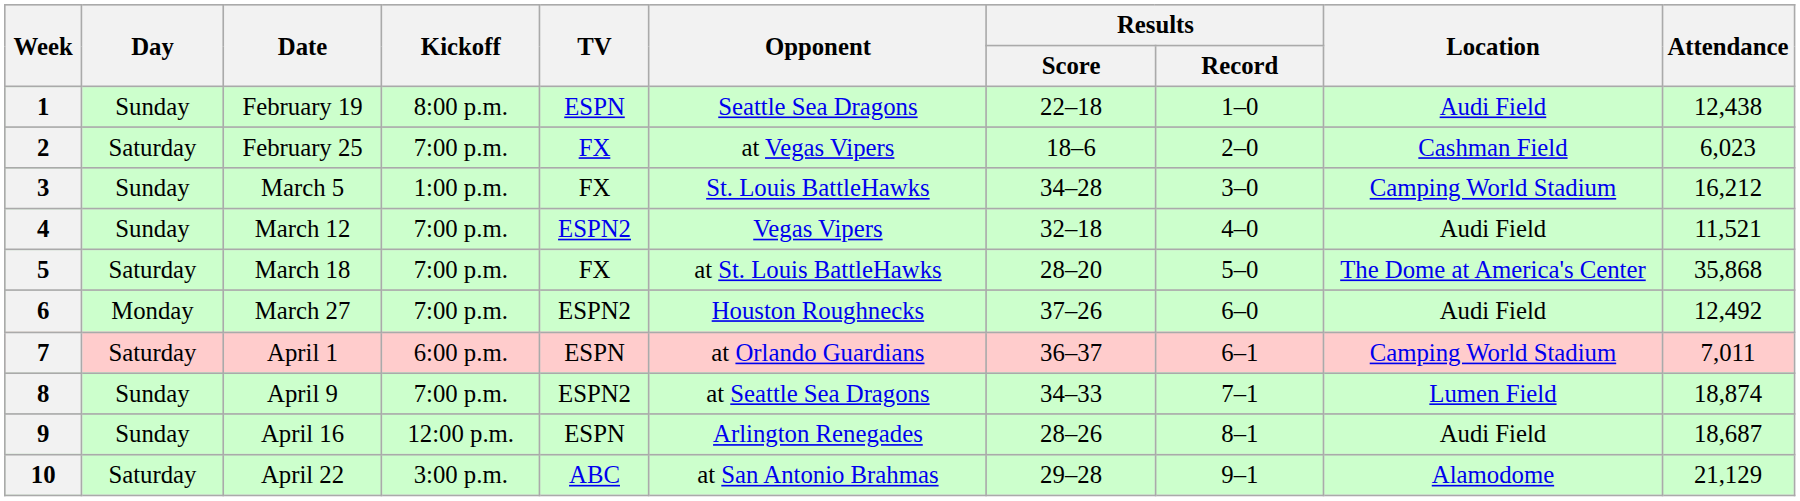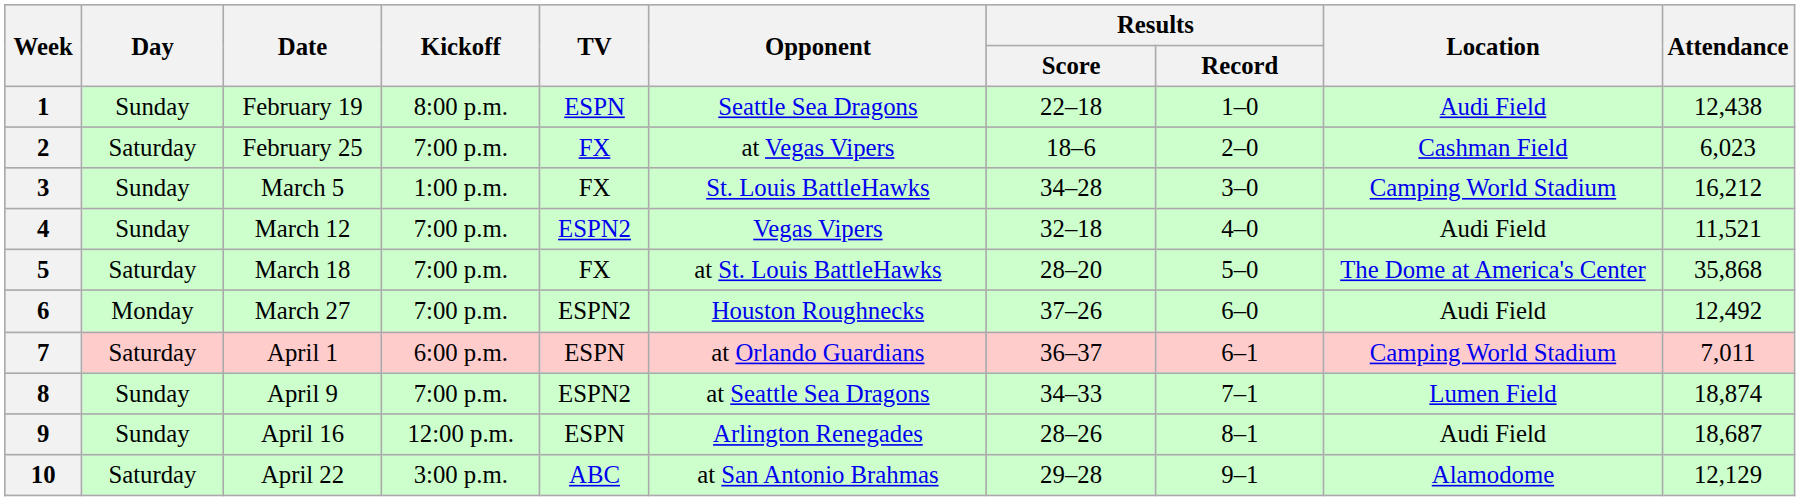 <table class="wikitable" style="text-align:center; font-size: 95%;">
 <tr>
 <th rowspan="2" width="40">Week</th>
 <th rowspan="2" width="80">Day</th>
 <th rowspan="2" width="90">Date</th>
 <th rowspan="2" width="90">Kickoff</th>
 <th rowspan="2" width="60">TV</th>
 <th rowspan="2" width="200">Opponent</th>
 <th colspan="2" width="200">Results</th>
 <th rowspan="2" width="200">Location</th>
 <th rowspan="2">Attendance</th>
 </tr>
 <tr>
 <th width="60">Score</th>
 <th width="60">Record</th>
 </tr>
 <tr bgcolor=#ccffcc>
 <th>1</th>
 <td>Sunday</td>
 <td>February 19</td>
 <td>8:00 p.m.</td>
 <td><a href='#'>ESPN</a></td>
 <td><a href='#'>Seattle Sea Dragons</a></td>
 <td>22–18</td>
 <td>1–0</td>
 <td><a href='#'>Audi Field</a></td>
 <td>12,438</td>
 </tr>
 <tr bgcolor=#ccffcc>
 <th>2</th>
 <td>Saturday</td>
 <td>February 25</td>
 <td>7:00 p.m.</td>
 <td><a href='#'>FX</a></td>
 <td>at <a href='#'>Vegas Vipers</a></td>
 <td>18–6</td>
 <td>2–0</td>
 <td><a href='#'>Cashman Field</a></td>
 <td>6,023</td>
 </tr>
 <tr bgcolor=#ccffcc>
 <th>3</th>
 <td>Sunday</td>
 <td>March 5</td>
 <td>1:00 p.m.</td>
 <td>FX</td>
 <td><a href='#'>St. Louis BattleHawks</a></td>
 <td>34–28</td>
 <td>3–0</td>
 <td><a href='#'>Camping World Stadium</a></td>
 <td>16,212</td>
 </tr>
 <tr bgcolor=#ccffcc>
 <th>4</th>
 <td>Sunday</td>
 <td>March 12</td>
 <td>7:00 p.m.</td>
 <td><a href='#'>ESPN2</a></td>
 <td><a href='#'>Vegas Vipers</a></td>
 <td>32–18</td>
 <td>4–0</td>
 <td>Audi Field</td>
 <td>11,521</td>
 </tr>
 <tr bgcolor=#ccffcc>
 <th>5</th>
 <td>Saturday</td>
 <td>March 18</td>
 <td>7:00 p.m.</td>
 <td>FX</td>
 <td>at <a href='#'>St. Louis BattleHawks</a></td>
 <td>28–20</td>
 <td>5–0</td>
 <td><a href='#'>The Dome at America's Center</a></td>
 <td>35,868</td>
 </tr>
 <tr bgcolor=#ccffcc>
 <th>6</th>
 <td>Monday</td>
 <td>March 27</td>
 <td>7:00 p.m.</td>
 <td>ESPN2</td>
 <td><a href='#'>Houston Roughnecks</a></td>
 <td>37–26</td>
 <td>6–0</td>
 <td>Audi Field</td>
 <td>12,492</td>
 </tr>
 <tr bgcolor=#ffcccc>
 <th>7</th>
 <td>Saturday</td>
 <td>April 1</td>
 <td>6:00 p.m.</td>
 <td>ESPN</td>
 <td>at <a href='#'>Orlando Guardians</a></td>
 <td>36–37</td>
 <td>6–1</td>
 <td><a href='#'>Camping World Stadium</a></td>
 <td>7,011</td>
 </tr>
 <tr bgcolor=#ccffcc>
 <th>8</th>
 <td>Sunday</td>
 <td>April 9</td>
 <td>7:00 p.m.</td>
 <td>ESPN2</td>
 <td>at <a href='#'>Seattle Sea Dragons</a></td>
 <td>34–33</td>
 <td>7–1</td>
 <td><a href='#'>Lumen Field</a></td>
 <td>18,874</td>
 </tr>
 <tr bgcolor=#ccffcc>
 <th>9</th>
 <td>Sunday</td>
 <td>April 16</td>
 <td>12:00 p.m.</td>
 <td>ESPN</td>
 <td><a href='#'>Arlington Renegades</a></td>
 <td>28–26 </td>
 <td>8–1</td>
 <td>Audi Field</td>
 <td>18,687</td>
 </tr>
 <tr bgcolor=#ccffcc>
 <th>10</th>
 <td>Saturday</td>
 <td>April 22</td>
 <td>3:00 p.m.</td>
 <td><a href='#'>ABC</a></td>
 <td>at <a href='#'>San Antonio Brahmas</a></td>
 <td>29–28</td>
 <td>9–1</td>
 <td><a href='#'>Alamodome</a></td>
-<td>21,129</td>
+<td>12,129</td>
 </tr>
 </table>
